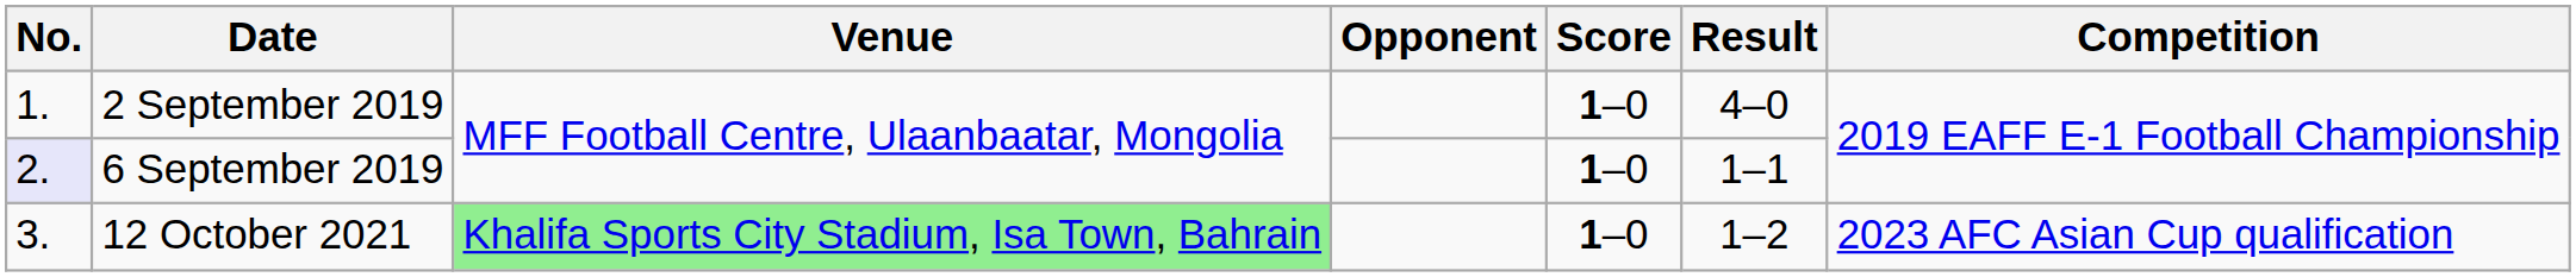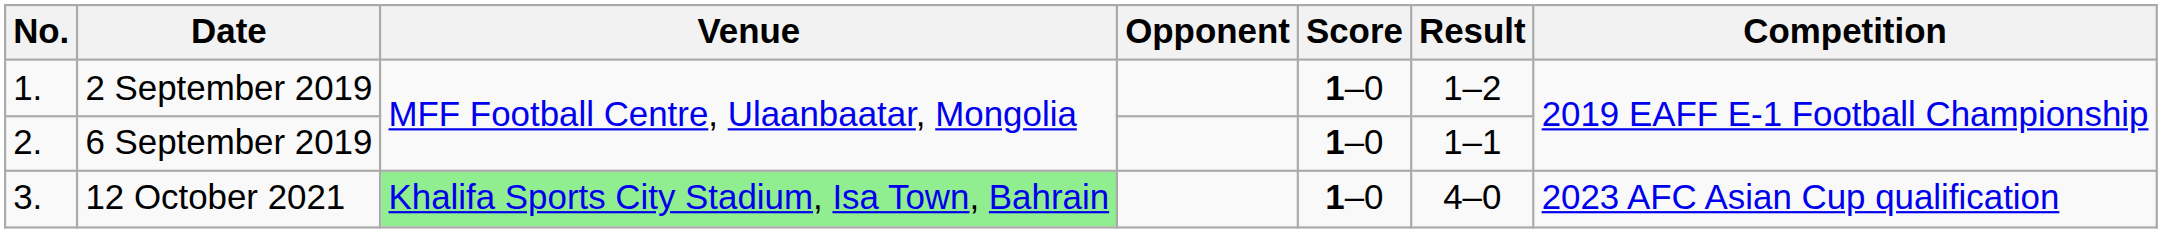 <table class="wikitable">
 <tr>
 <th>No.</th>
 <th>Date</th>
 <th>Venue</th>
 <th>Opponent</th>
 <th>Score</th>
 <th>Result</th>
 <th>Competition</th>
 </tr>
 <tr>
 <td>1.</td>
 <td>2 September 2019</td>
 <td rowspan="2"><a href='#'>MFF Football Centre</a>, <a href='#'>Ulaanbaatar</a>, <a href='#'>Mongolia</a></td>
 <td></td>
 <td align=center><strong>1</strong>–0</td>
-<td align=center>4–0</td>
+<td align=center>1–2</td>
 <td rowspan="2"><a href='#'>2019 EAFF E-1 Football Championship</a></td>
 </tr>
 <tr>
-<td style="background: lavender;">2.</td>
+<td>2.</td>
 <td>6 September 2019</td>
 <td></td>
 <td align=center><strong>1</strong>–0</td>
 <td align=center>1–1</td>
 </tr>
 <tr>
 <td>3.</td>
 <td>12 October 2021</td>
 <td style="background: lightgreen;"><a href='#'>Khalifa Sports City Stadium</a>, <a href='#'>Isa Town</a>, <a href='#'>Bahrain</a></td>
 <td></td>
 <td align=center><strong>1</strong>–0</td>
-<td align=center>1–2</td>
+<td align=center>4–0</td>
 <td><a href='#'>2023 AFC Asian Cup qualification</a></td>
 </tr>
 </table>
